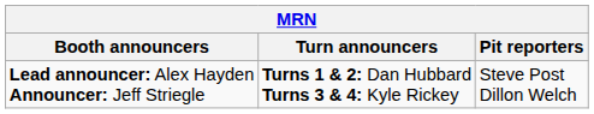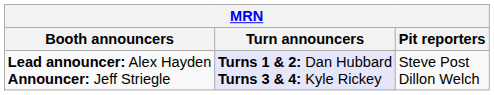 <table class="wikitable" style="font-size: 95%">
 <tr>
 <th colspan="3"><a href='#'>MRN</a></th>
 </tr>
 <tr>
 <th>Booth announcers</th>
 <th>Turn announcers</th>
 <th>Pit reporters</th>
 </tr>
 <tr>
 <td><strong>Lead announcer:</strong> Alex Hayden<br><strong>Announcer:</strong> Jeff Striegle</td>
-<td><strong>Turns 1 & 2:</strong> Dan Hubbard<br><strong>Turns 3 & 4:</strong> Kyle Rickey</td>
+<td style="background: lavender;"><strong>Turns 1 & 2:</strong> Dan Hubbard<br><strong>Turns 3 & 4:</strong> Kyle Rickey</td>
 <td>Steve Post<br>Dillon Welch</td>
 </tr>
 </table>
